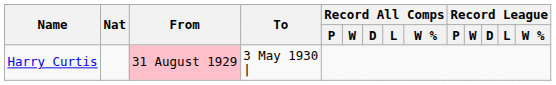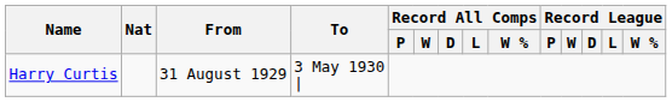 <table class="wikitable" style="text-align: center">
 <tr>
 <th rowspan="2">Name</th>
 <th rowspan="2">Nat</th>
 <th rowspan="2">From</th>
 <th rowspan="2">To</th>
 <th colspan="5">Record All Comps</th>
 <th colspan="5">Record League</th>
 </tr>
 <tr>
 <th>P</th>
 <th>W</th>
 <th>D</th>
 <th>L</th>
 <th>W %</th>
 <th>P</th>
 <th>W</th>
 <th>D</th>
 <th>L</th>
 <th>W %</th>
 </tr>
 <tr>
 <td align=left><a href='#'>Harry Curtis</a></td>
 <td></td>
-<td align=left style="background: pink;">31 August 1929</td>
+<td align=left>31 August 1929</td>
 <td align=left>3 May 1930<br>|</td>
 </tr>
 </table>
